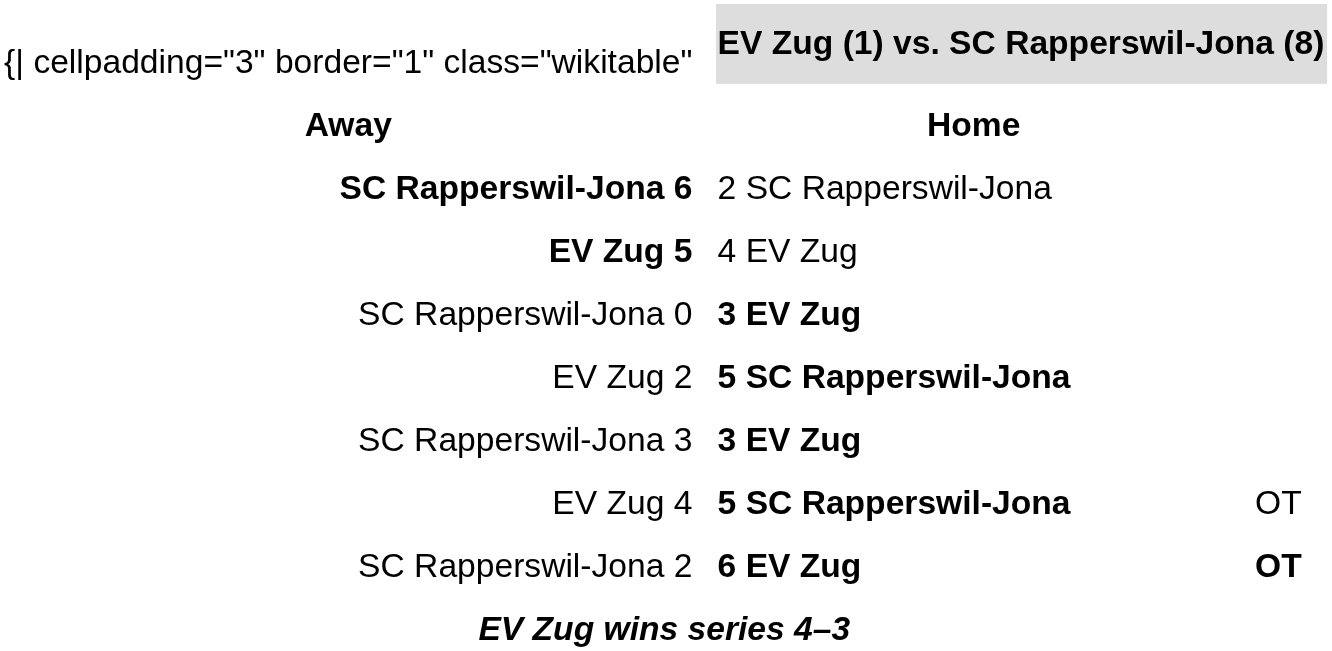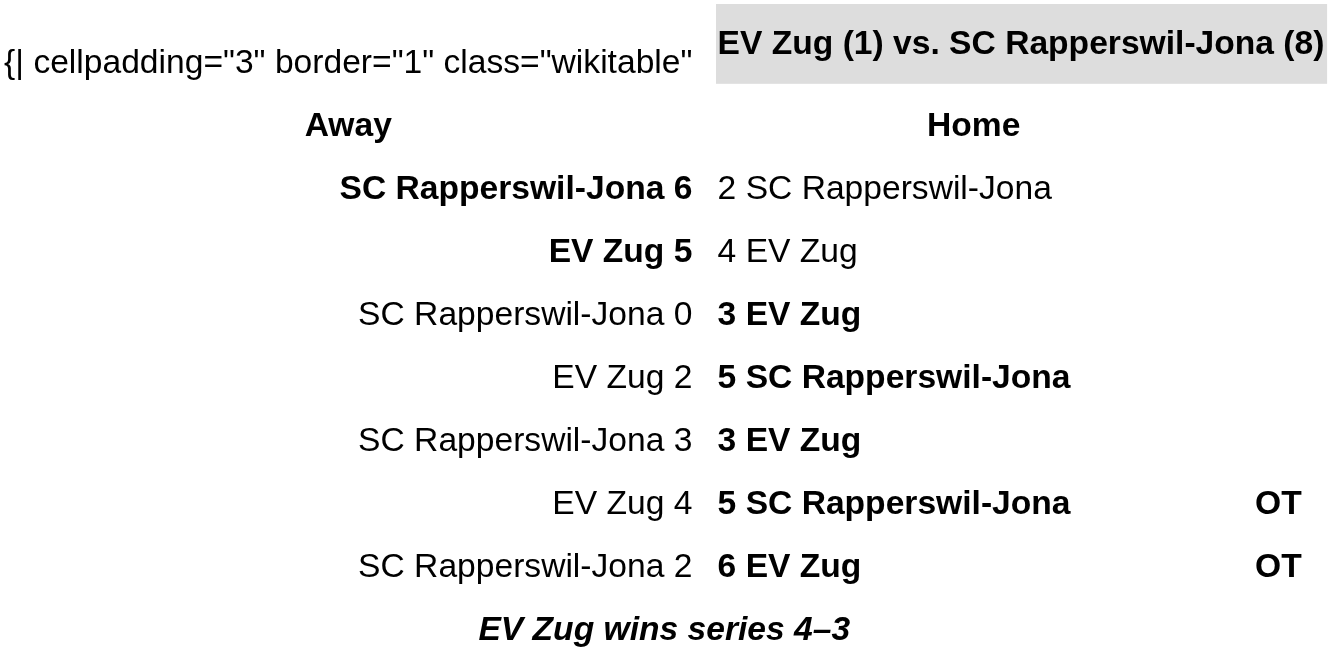 <table cellspacing="10">
 <tr>
 <td valign="top"><br>	{| cellpadding="3" border="1"  class="wikitable"</td>
 <th bgcolor="#DDDDDD" colspan="4">EV Zug (1) vs. SC Rapperswil-Jona (8)</th>
 </tr>
 <tr>
 <th>Away</th>
 <th>Home</th>
 </tr>
 <tr>
 <td align = "right"><strong>SC Rapperswil-Jona 6</strong></td>
 <td>2 SC Rapperswil-Jona</td>
 <td> </td>
 </tr>
 <tr>
 <td align = "right"><strong>EV Zug 5</strong></td>
 <td>4 EV Zug</td>
 <td> </td>
 </tr>
 <tr>
 <td align = "right">SC Rapperswil-Jona 0</td>
 <td><strong>3 EV Zug</strong></td>
 <td> </td>
 </tr>
 <tr>
 <td align = "right">EV Zug 2</td>
 <td><strong>5 SC Rapperswil-Jona</strong></td>
 <td> </td>
 </tr>
 <tr>
 <td align = "right">SC Rapperswil-Jona 3</td>
 <td><strong>3 EV Zug</strong></td>
 <td> </td>
 </tr>
 <tr>
 <td align = "right">EV Zug 4</td>
 <td><strong>5 SC Rapperswil-Jona</strong></td>
-<td>OT</td>
+<td><strong>OT</strong></td>
 </tr>
 <tr>
 <td align = "right">SC Rapperswil-Jona 2</td>
 <td><strong>6 EV Zug</strong></td>
 <td><strong>OT</strong></td>
 </tr>
 <tr align="center">
 <td colspan="4"><strong><em>EV Zug wins series 4–3</em></strong></td>
 </tr>
 </table>
